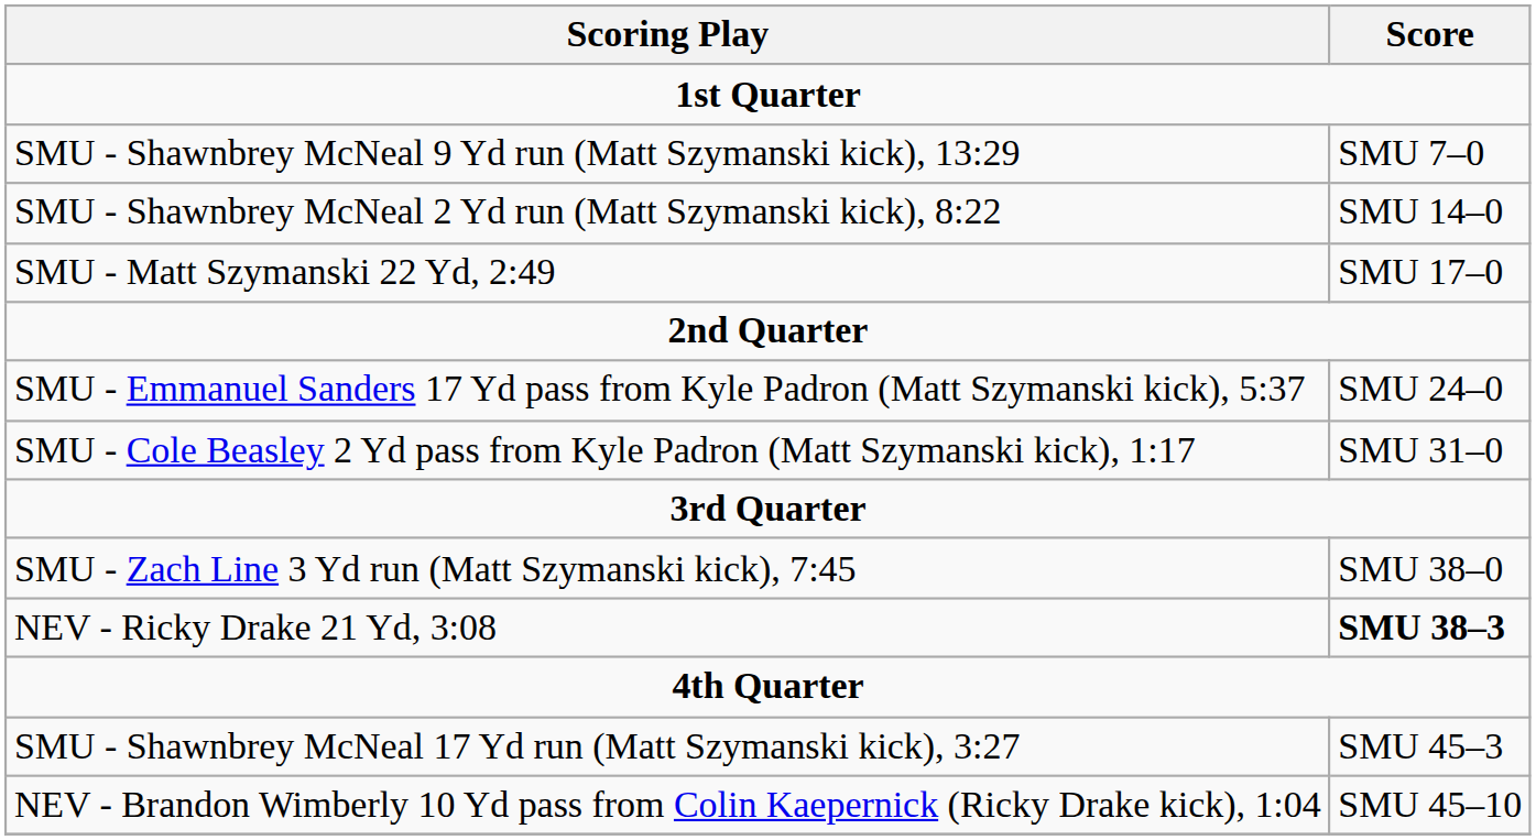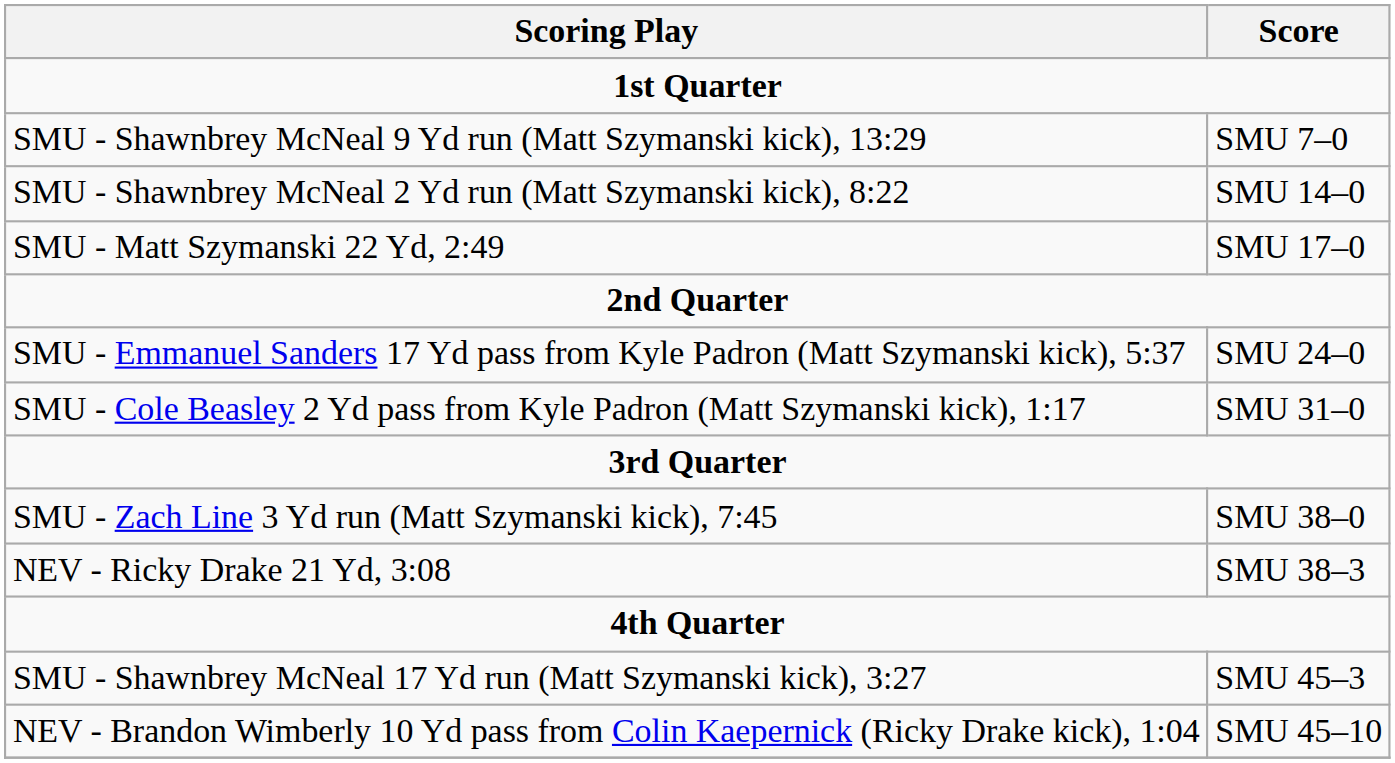 <table class="wikitable">
 <tr>
 <th>Scoring Play</th>
 <th>Score</th>
 </tr>
 <tr>
 <td colspan="4" align="center"><strong>1st Quarter</strong></td>
 </tr>
 <tr>
 <td>SMU - Shawnbrey McNeal 9 Yd run (Matt Szymanski kick), 13:29</td>
 <td>SMU 7–0</td>
 </tr>
 <tr>
 <td>SMU - Shawnbrey McNeal 2 Yd run (Matt Szymanski kick), 8:22</td>
 <td>SMU 14–0</td>
 </tr>
 <tr>
 <td>SMU - Matt Szymanski 22 Yd, 2:49</td>
 <td>SMU 17–0</td>
 </tr>
 <tr>
 <td colspan="4" align="center"><strong>2nd Quarter</strong></td>
 </tr>
 <tr>
 <td>SMU - <a href='#'>Emmanuel Sanders</a> 17 Yd pass from Kyle Padron (Matt Szymanski kick), 5:37</td>
 <td>SMU 24–0</td>
 </tr>
 <tr>
 <td>SMU - <a href='#'>Cole Beasley</a> 2 Yd pass from Kyle Padron (Matt Szymanski kick), 1:17</td>
 <td>SMU 31–0</td>
 </tr>
 <tr>
 <td colspan="4" align="center"><strong>3rd Quarter</strong></td>
 </tr>
 <tr>
 <td>SMU - <a href='#'>Zach Line</a> 3 Yd run (Matt Szymanski kick), 7:45</td>
 <td>SMU 38–0</td>
 </tr>
 <tr>
 <td>NEV - Ricky Drake 21 Yd, 3:08</td>
-<td><strong>SMU 38–3</strong></td>
+<td>SMU 38–3</td>
 </tr>
 <tr>
 <td colspan="4" align="center"><strong>4th Quarter</strong></td>
 </tr>
 <tr>
 <td>SMU - Shawnbrey McNeal 17 Yd run (Matt Szymanski kick), 3:27</td>
 <td>SMU 45–3</td>
 </tr>
 <tr>
 <td>NEV - Brandon Wimberly 10 Yd pass from <a href='#'>Colin Kaepernick</a> (Ricky Drake kick), 1:04</td>
 <td>SMU 45–10</td>
 </tr>
 <tr>
 </tr>
 </table>
